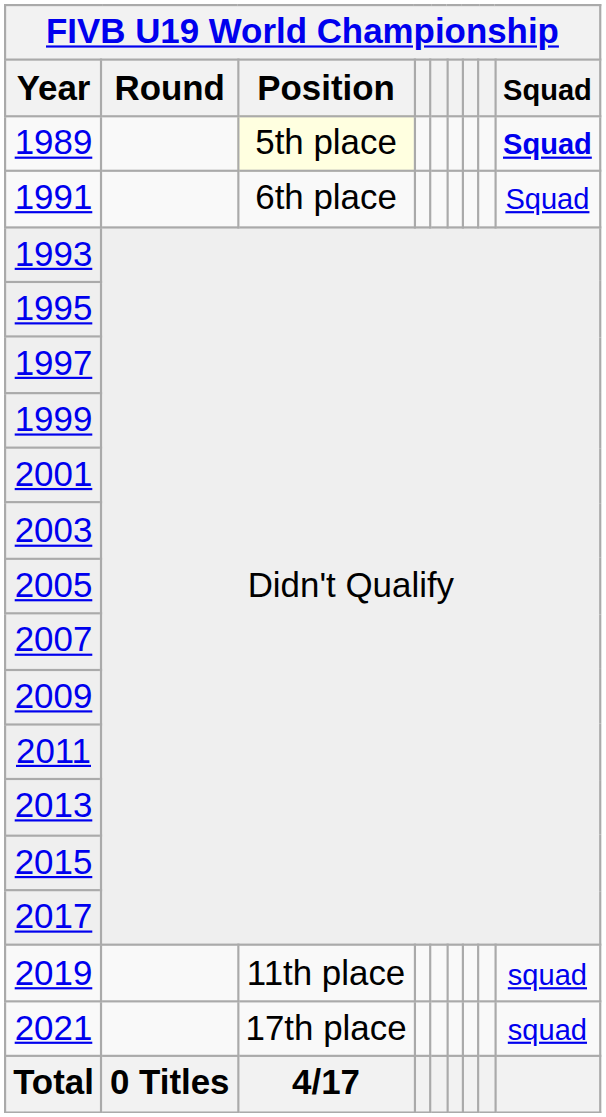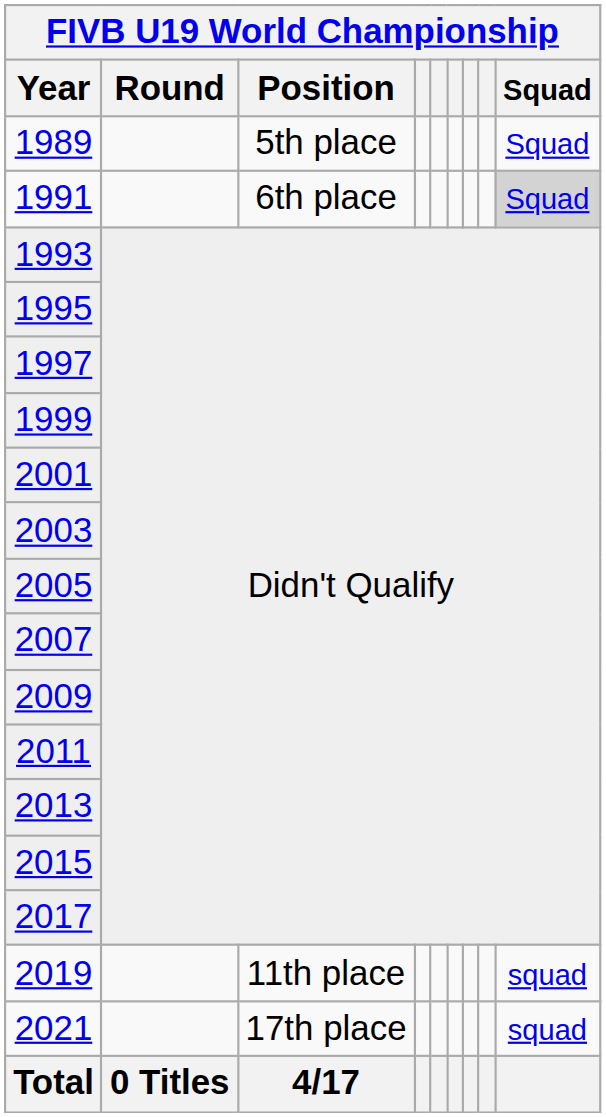 <table class="wikitable" style="text-align: center;">
 <tr>
 <th colspan=9><a href='#'>FIVB U19 World Championship</a></th>
 </tr>
 <tr>
 <th>Year</th>
 <th>Round</th>
 <th>Position</th>
 <th></th>
 <th></th>
 <th></th>
 <th></th>
 <th></th>
 <th><small>Squad</small></th>
 </tr>
 <tr>
 <td> <a href='#'>1989</a></td>
 <td></td>
-<td style="background: lightyellow;">5th place</td>
+<td>5th place</td>
 <td></td>
 <td></td>
 <td></td>
 <td></td>
 <td></td>
-<td><strong><small> <a href='#'>Squad</a></small></strong></td>
+<td><small> <a href='#'>Squad</a></small></td>
 </tr>
 <tr>
 <td> <a href='#'>1991</a></td>
 <td></td>
 <td>6th place</td>
 <td></td>
 <td></td>
 <td></td>
 <td></td>
 <td></td>
-<td><small> <a href='#'>Squad</a></small></td>
+<td style="background: lightgrey;"><small> <a href='#'>Squad</a></small></td>
 </tr>
 <tr bgcolor="efefef">
 <td> <a href='#'>1993</a></td>
 <td colspan=9 rowspan=13>Didn't Qualify</td>
 </tr>
 <tr bgcolor="efefef">
 <td> <a href='#'>1995</a></td>
 </tr>
 <tr bgcolor="efefef">
 <td> <a href='#'>1997</a></td>
 </tr>
 <tr bgcolor="efefef">
 <td> <a href='#'>1999</a></td>
 </tr>
 <tr bgcolor="efefef">
 <td> <a href='#'>2001</a></td>
 </tr>
 <tr bgcolor="efefef">
 <td> <a href='#'>2003</a></td>
 </tr>
 <tr bgcolor="efefef">
 <td> <a href='#'>2005</a></td>
 </tr>
 <tr bgcolor="efefef">
 <td> <a href='#'>2007</a></td>
 </tr>
 <tr bgcolor="efefef">
 <td> <a href='#'>2009</a></td>
 </tr>
 <tr bgcolor="efefef">
 <td> <a href='#'>2011</a></td>
 </tr>
 <tr bgcolor="efefef">
 <td> <a href='#'>2013</a></td>
 </tr>
 <tr bgcolor="efefef">
 <td> <a href='#'>2015</a></td>
 </tr>
 <tr bgcolor="efefef">
 <td> <a href='#'>2017</a></td>
 </tr>
 <tr>
 <td> <a href='#'>2019</a></td>
 <td></td>
 <td>11th place</td>
 <td></td>
 <td></td>
 <td></td>
 <td></td>
 <td></td>
 <td><small> <a href='#'>squad</a></small></td>
 </tr>
 <tr>
 <td> <a href='#'>2021</a></td>
 <td></td>
 <td>17th place</td>
 <td></td>
 <td></td>
 <td></td>
 <td></td>
 <td></td>
 <td><small> <a href='#'>squad</a></small></td>
 </tr>
 <tr>
 <th>Total</th>
 <th>0 Titles</th>
 <th>4/17</th>
 <th></th>
 <th></th>
 <th></th>
 <th></th>
 <th></th>
 <th></th>
 </tr>
 </table>
